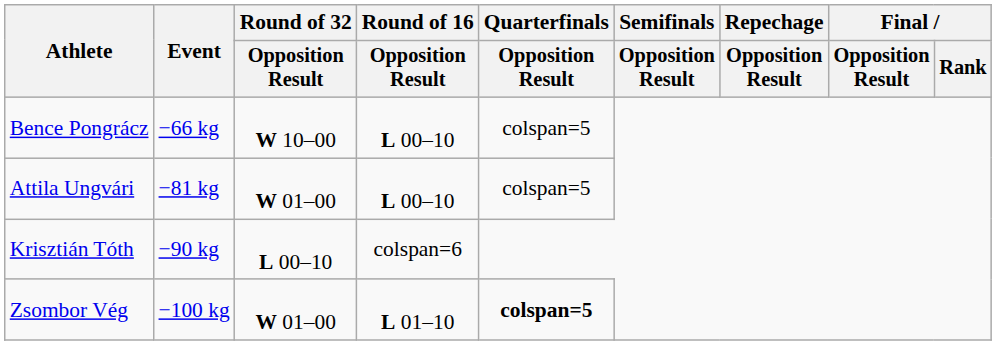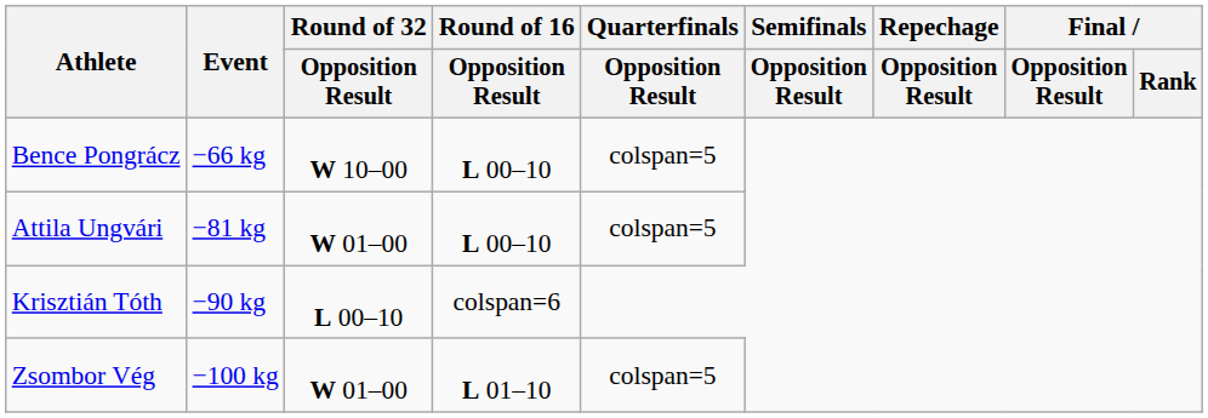 <table class="wikitable" style="font-size:90%">
 <tr>
 <th rowspan="2">Athlete</th>
 <th rowspan="2">Event</th>
 <th>Round of 32</th>
 <th>Round of 16</th>
 <th>Quarterfinals</th>
 <th>Semifinals</th>
 <th>Repechage</th>
 <th colspan=2>Final / </th>
 </tr>
 <tr style="font-size:95%">
 <th>Opposition<br>Result</th>
 <th>Opposition<br>Result</th>
 <th>Opposition<br>Result</th>
 <th>Opposition<br>Result</th>
 <th>Opposition<br>Result</th>
 <th>Opposition<br>Result</th>
 <th>Rank</th>
 </tr>
 <tr align=center>
 <td align=left><a href='#'>Bence Pongrácz</a></td>
 <td align=left><a href='#'>−66 kg</a></td>
 <td><br><strong>W</strong> 10–00</td>
 <td><br><strong>L</strong> 00–10</td>
 <td>colspan=5 </td>
 </tr>
 <tr align=center>
 <td align=left><a href='#'>Attila Ungvári</a></td>
 <td align=left><a href='#'>−81 kg</a></td>
 <td><br><strong>W</strong> 01–00</td>
 <td><br><strong>L</strong> 00–10</td>
 <td>colspan=5 </td>
 </tr>
 <tr align=center>
 <td align=left><a href='#'>Krisztián Tóth</a></td>
 <td align=left><a href='#'>−90 kg</a></td>
 <td><br><strong>L</strong> 00–10</td>
 <td>colspan=6 </td>
 </tr>
 <tr align=center>
 <td align=left><a href='#'>Zsombor Vég</a></td>
 <td align=left><a href='#'>−100 kg</a></td>
 <td><br><strong>W</strong> 01–00</td>
 <td><br><strong>L</strong> 01–10</td>
-<td><strong>colspan=5 </strong></td>
+<td>colspan=5 </td>
 </tr>
 </table>
